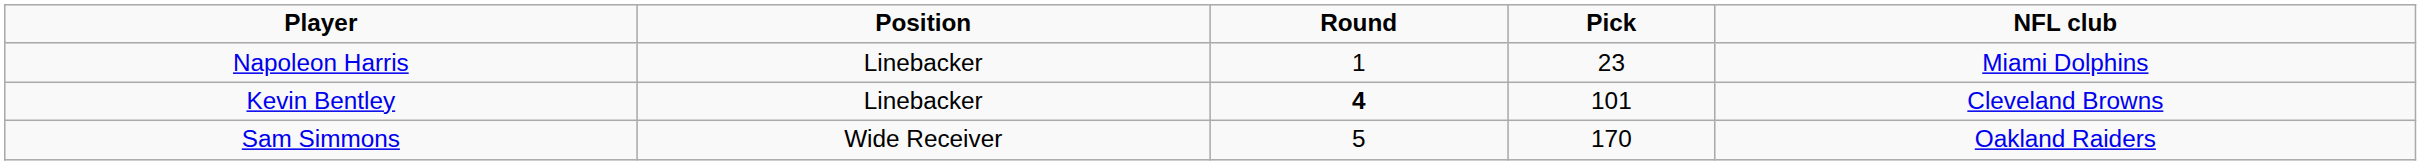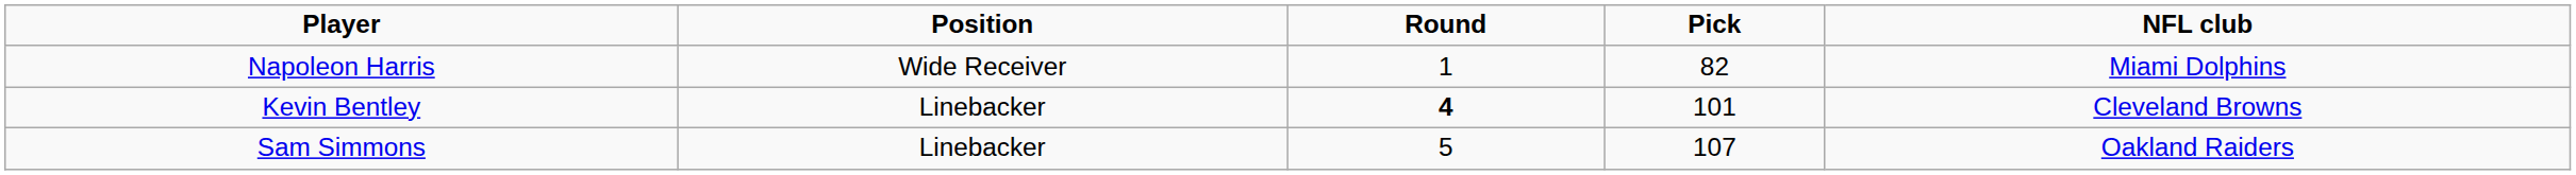 <table class="wikitable" width="80%">
 <tr align="center">
 <td><strong>Player</strong></td>
 <td><strong>Position</strong></td>
 <td><strong>Round</strong></td>
 <td><strong>Pick</strong></td>
 <td><strong>NFL club</strong></td>
 </tr>
 <tr align="center" bgcolor="">
 <td><a href='#'>Napoleon Harris</a></td>
-<td>Linebacker</td>
+<td>Wide Receiver</td>
 <td>1</td>
-<td>23</td>
+<td>82</td>
 <td><a href='#'>Miami Dolphins</a></td>
 </tr>
 <tr align="center" bgcolor="">
 <td><a href='#'>Kevin Bentley</a></td>
 <td>Linebacker</td>
 <td><strong>4</strong></td>
 <td>101</td>
 <td><a href='#'>Cleveland Browns</a></td>
 </tr>
 <tr align="center" bgcolor="">
 <td><a href='#'>Sam Simmons</a></td>
-<td>Wide Receiver</td>
+<td>Linebacker</td>
 <td>5</td>
-<td>170</td>
+<td>107</td>
 <td><a href='#'>Oakland Raiders</a></td>
 </tr>
 </table>
